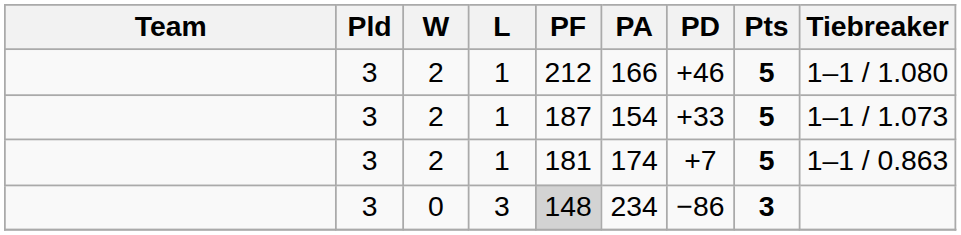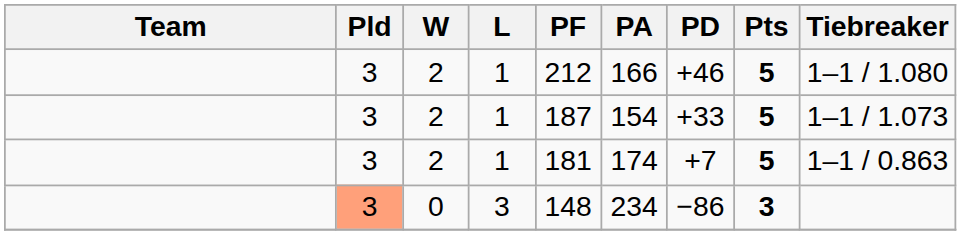 <table class=wikitable style="text-align:center">
 <tr>
 <th width=180>Team</th>
 <th width=30>Pld</th>
 <th width=30>W</th>
 <th width=30>L</th>
 <th width=30>PF</th>
 <th width=30>PA</th>
 <th width=30>PD</th>
 <th width=30>Pts</th>
 <th width=80>Tiebreaker</th>
 </tr>
 <tr>
 <td align="left"></td>
 <td>3</td>
 <td>2</td>
 <td>1</td>
 <td>212</td>
 <td>166</td>
 <td>+46</td>
 <td><strong>5</strong></td>
 <td>1–1 / 1.080</td>
 </tr>
 <tr>
 <td align="left"></td>
 <td>3</td>
 <td>2</td>
 <td>1</td>
 <td>187</td>
 <td>154</td>
 <td>+33</td>
 <td><strong>5</strong></td>
 <td>1–1 / 1.073</td>
 </tr>
 <tr>
 <td align="left"></td>
 <td>3</td>
 <td>2</td>
 <td>1</td>
 <td>181</td>
 <td>174</td>
 <td>+7</td>
 <td><strong>5</strong></td>
 <td>1–1 / 0.863</td>
 </tr>
 <tr>
 <td align="left"></td>
-<td>3</td>
+<td style="background: lightsalmon;">3</td>
 <td>0</td>
 <td>3</td>
-<td style="background: lightgrey;">148</td>
+<td>148</td>
 <td>234</td>
 <td>−86</td>
 <td><strong>3</strong></td>
 <td></td>
 </tr>
 <tr>
 </tr>
 </table>
